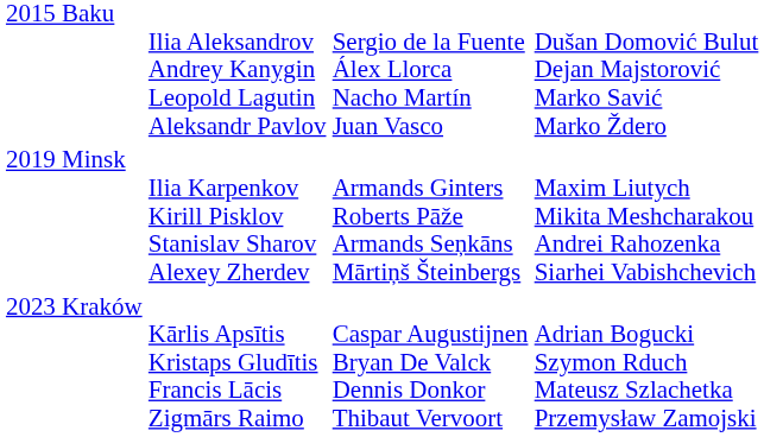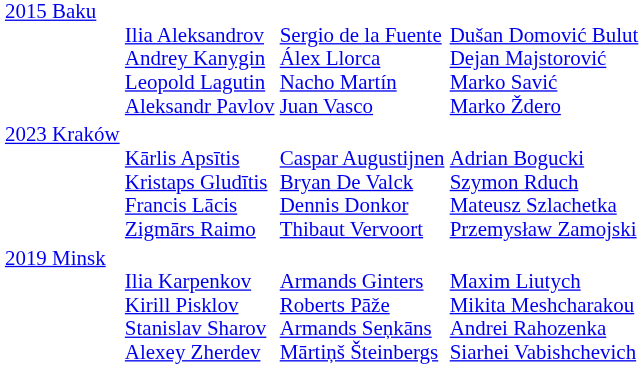 <table>
 <tr valign="top">
 <td><a href='#'>2015 Baku</a><br></td>
 <td><br><a href='#'>Ilia Aleksandrov</a><br><a href='#'>Andrey Kanygin</a><br><a href='#'>Leopold Lagutin</a><br><a href='#'>Aleksandr Pavlov</a></td>
 <td><br><a href='#'>Sergio de la Fuente</a><br><a href='#'>Álex Llorca</a><br><a href='#'>Nacho Martín</a><br><a href='#'>Juan Vasco</a></td>
 <td><br><a href='#'>Dušan Domović Bulut</a><br><a href='#'>Dejan Majstorović</a><br><a href='#'>Marko Savić</a><br><a href='#'>Marko Ždero</a></td>
 </tr>
 <tr valign="top">
+<td><a href='#'>2023 Kraków</a><br></td>
+<td><br><a href='#'>Kārlis Apsītis</a><br><a href='#'>Kristaps Gludītis</a><br><a href='#'>Francis Lācis</a><br><a href='#'>Zigmārs Raimo</a></td>
+<td><br><a href='#'>Caspar Augustijnen</a><br><a href='#'>Bryan De Valck</a><br><a href='#'>Dennis Donkor</a><br><a href='#'>Thibaut Vervoort</a></td>
+<td><br><a href='#'>Adrian Bogucki</a><br><a href='#'>Szymon Rduch</a><br><a href='#'>Mateusz Szlachetka</a><br><a href='#'>Przemysław Zamojski</a></td>
+</tr>
+<tr valign="top">
 <td><a href='#'>2019 Minsk</a><br></td>
 <td><br><a href='#'>Ilia Karpenkov</a><br><a href='#'>Kirill Pisklov</a><br><a href='#'>Stanislav Sharov</a><br><a href='#'>Alexey Zherdev</a></td>
 <td><br><a href='#'>Armands Ginters</a><br><a href='#'>Roberts Pāže</a><br><a href='#'>Armands Seņkāns</a><br><a href='#'>Mārtiņš Šteinbergs</a></td>
 <td><br><a href='#'>Maxim Liutych</a><br><a href='#'>Mikita Meshcharakou</a><br><a href='#'>Andrei Rahozenka</a><br><a href='#'>Siarhei Vabishchevich</a></td>
 </tr>
-<tr valign="top">
-<td><a href='#'>2023 Kraków</a><br></td>
-<td><br><a href='#'>Kārlis Apsītis</a><br><a href='#'>Kristaps Gludītis</a><br><a href='#'>Francis Lācis</a><br><a href='#'>Zigmārs Raimo</a></td>
-<td><br><a href='#'>Caspar Augustijnen</a><br><a href='#'>Bryan De Valck</a><br><a href='#'>Dennis Donkor</a><br><a href='#'>Thibaut Vervoort</a></td>
-<td><br><a href='#'>Adrian Bogucki</a><br><a href='#'>Szymon Rduch</a><br><a href='#'>Mateusz Szlachetka</a><br><a href='#'>Przemysław Zamojski</a></td>
-</tr>
 </table>
